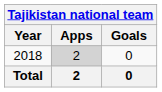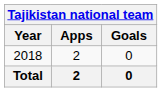 <table class="wikitable" style="text-align:center">
 <tr>
 <th colspan=3><a href='#'>Tajikistan national team</a></th>
 </tr>
 <tr>
 <th>Year</th>
 <th>Apps</th>
 <th>Goals</th>
 </tr>
 <tr>
 <td>2018</td>
-<td style="background: lightgrey;">2</td>
+<td>2</td>
 <td>0</td>
 </tr>
 <tr>
 <th>Total</th>
 <th>2</th>
 <th>0</th>
 </tr>
 </table>
